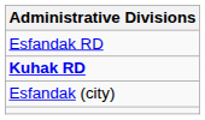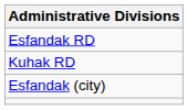 <table class="wikitable">
 <tr>
 <th>Administrative Divisions</th>
 </tr>
 <tr>
 <td><a href='#'>Esfandak RD</a></td>
 </tr>
 <tr>
-<td><strong><a href='#'>Kuhak RD</a></strong></td>
+<td><a href='#'>Kuhak RD</a></td>
 </tr>
 <tr>
 <td><a href='#'>Esfandak</a> (city)</td>
 </tr>
 <tr>
 <td colspan=1></td>
 </tr>
 </table>
